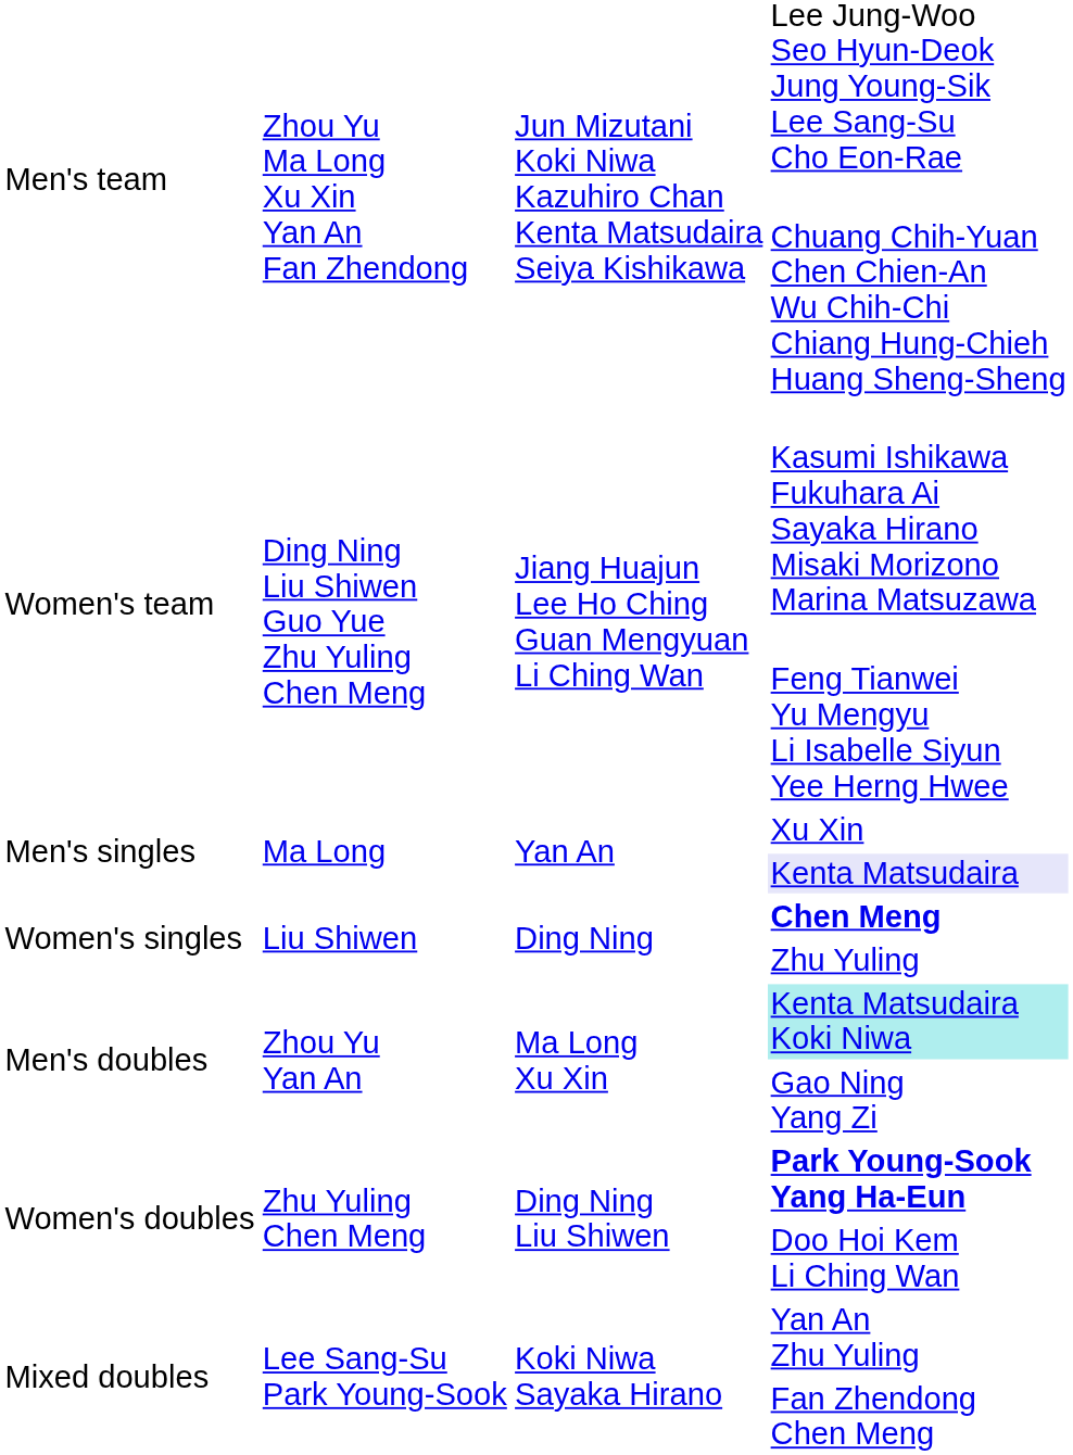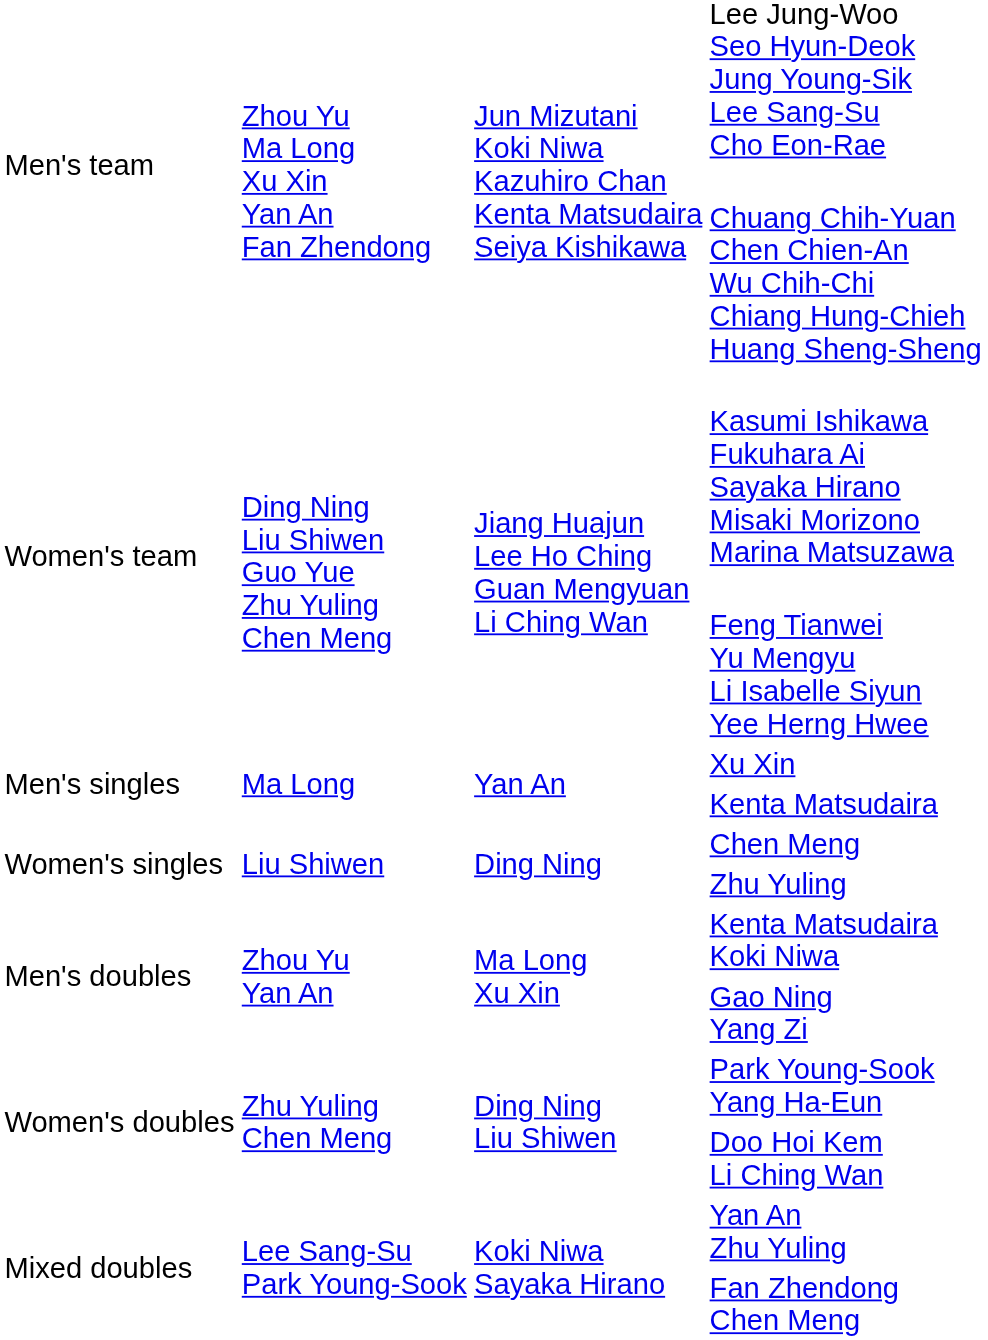 <table>
 <tr>
 <td rowspan=2>Men's team<br></td>
 <td rowspan=2><br><a href='#'>Zhou Yu</a><br><a href='#'>Ma Long</a><br><a href='#'>Xu Xin</a><br><a href='#'>Yan An</a><br><a href='#'>Fan Zhendong</a></td>
 <td rowspan=2><br><a href='#'>Jun Mizutani</a><br><a href='#'>Koki Niwa</a><br><a href='#'>Kazuhiro Chan</a><br><a href='#'>Kenta Matsudaira</a><br><a href='#'>Seiya Kishikawa</a></td>
 <td><br>Lee Jung-Woo<br><a href='#'>Seo Hyun-Deok</a><br><a href='#'>Jung Young-Sik</a><br><a href='#'>Lee Sang-Su</a><br><a href='#'>Cho Eon-Rae</a></td>
 </tr>
 <tr>
 <td><br><a href='#'>Chuang Chih-Yuan</a><br><a href='#'>Chen Chien-An</a><br><a href='#'>Wu Chih-Chi</a><br><a href='#'>Chiang Hung-Chieh</a><br><a href='#'>Huang Sheng-Sheng</a></td>
 </tr>
 <tr>
 <td rowspan=2>Women's team<br></td>
 <td rowspan=2><br><a href='#'>Ding Ning</a><br><a href='#'>Liu Shiwen</a><br><a href='#'>Guo Yue</a><br><a href='#'>Zhu Yuling</a><br><a href='#'>Chen Meng</a></td>
 <td rowspan=2><br><a href='#'>Jiang Huajun</a><br><a href='#'>Lee Ho Ching</a><br><a href='#'>Guan Mengyuan</a><br><a href='#'>Li Ching Wan</a></td>
 <td><br><a href='#'>Kasumi Ishikawa</a><br><a href='#'>Fukuhara Ai</a><br><a href='#'>Sayaka Hirano</a><br><a href='#'>Misaki Morizono</a><br><a href='#'>Marina Matsuzawa</a></td>
 </tr>
 <tr>
 <td><br><a href='#'>Feng Tianwei</a><br><a href='#'>Yu Mengyu</a><br><a href='#'>Li Isabelle Siyun</a><br><a href='#'>Yee Herng Hwee</a></td>
 </tr>
 <tr>
 <td rowspan=2>Men's singles<br></td>
 <td rowspan=2> <a href='#'>Ma Long</a></td>
 <td rowspan=2> <a href='#'>Yan An</a></td>
 <td> <a href='#'>Xu Xin</a></td>
 </tr>
 <tr>
-<td style="background: lavender;"> <a href='#'>Kenta Matsudaira</a></td>
+<td> <a href='#'>Kenta Matsudaira</a></td>
 </tr>
 <tr>
 <td rowspan=2>Women's singles<br></td>
 <td rowspan=2> <a href='#'>Liu Shiwen</a></td>
 <td rowspan=2> <a href='#'>Ding Ning</a></td>
-<td><strong> <a href='#'>Chen Meng</a></strong></td>
+<td> <a href='#'>Chen Meng</a></td>
 </tr>
 <tr>
 <td> <a href='#'>Zhu Yuling</a></td>
 </tr>
 <tr>
 <td rowspan=2>Men's doubles<br></td>
 <td rowspan=2> <a href='#'>Zhou Yu</a><br> <a href='#'>Yan An</a></td>
 <td rowspan=2> <a href='#'>Ma Long</a><br> <a href='#'>Xu Xin</a></td>
-<td style="background: paleturquoise;"> <a href='#'>Kenta Matsudaira</a><br> <a href='#'>Koki Niwa</a></td>
+<td> <a href='#'>Kenta Matsudaira</a><br> <a href='#'>Koki Niwa</a></td>
 </tr>
 <tr>
 <td> <a href='#'>Gao Ning</a><br> <a href='#'>Yang Zi</a></td>
 </tr>
 <tr>
 <td rowspan=2>Women's doubles<br></td>
 <td rowspan=2> <a href='#'>Zhu Yuling</a><br> <a href='#'>Chen Meng</a></td>
 <td rowspan=2> <a href='#'>Ding Ning</a><br> <a href='#'>Liu Shiwen</a></td>
-<td><strong> <a href='#'>Park Young-Sook</a><br> <a href='#'>Yang Ha-Eun</a></strong></td>
+<td> <a href='#'>Park Young-Sook</a><br> <a href='#'>Yang Ha-Eun</a></td>
 </tr>
 <tr>
 <td> <a href='#'>Doo Hoi Kem</a><br> <a href='#'>Li Ching Wan</a></td>
 </tr>
 <tr>
 <td rowspan=2>Mixed doubles<br></td>
 <td rowspan=2> <a href='#'>Lee Sang-Su</a><br> <a href='#'>Park Young-Sook</a></td>
 <td rowspan=2> <a href='#'>Koki Niwa</a><br> <a href='#'>Sayaka Hirano</a></td>
 <td> <a href='#'>Yan An</a><br> <a href='#'>Zhu Yuling</a></td>
 </tr>
 <tr>
 <td> <a href='#'>Fan Zhendong</a><br> <a href='#'>Chen Meng</a></td>
 </tr>
 </table>
